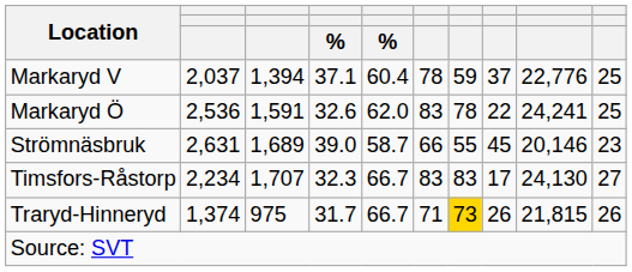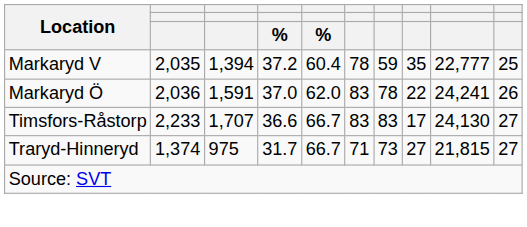 <table role="presentation" class="wikitable sortable mw-collapsible">
 <tr>
 <th rowspan="3">Location</th>
 <th></th>
 <th></th>
 <th></th>
 <th></th>
 <th></th>
 <th></th>
 <th></th>
 <th></th>
 <th></th>
 </tr>
 <tr>
 <th></th>
 <th></th>
 <th style="background:"></th>
 <th style="background:"></th>
 <th></th>
 <th></th>
 <th></th>
 <th></th>
 <th></th>
 </tr>
 <tr>
 <th data-sort-type="number"></th>
 <th data-sort-type="number"></th>
 <th data-sort-type="number">%</th>
 <th data-sort-type="number">%</th>
 <th data-sort-type="number"></th>
 <th data-sort-type="number"></th>
 <th data-sort-type="number"></th>
 <th data-sort-type="number"></th>
 <th data-sort-type="number"></th>
 </tr>
 <tr>
 <td align="left">Markaryd V</td>
-<td>2,037</td>
+<td>2,035</td>
 <td>1,394</td>
-<td>37.1</td>
+<td>37.2</td>
 <td>60.4</td>
 <td>78</td>
 <td>59</td>
-<td>37</td>
-<td>22,776</td>
+<td>35</td>
+<td>22,777</td>
 <td>25</td>
 </tr>
 <tr>
 <td align="left">Markaryd Ö</td>
-<td>2,536</td>
+<td>2,036</td>
 <td>1,591</td>
-<td>32.6</td>
+<td>37.0</td>
 <td>62.0</td>
 <td>83</td>
 <td>78</td>
 <td>22</td>
 <td>24,241</td>
-<td>25</td>
-</tr>
-<tr>
-<td align="left">Strömnäsbruk</td>
-<td>2,631</td>
-<td>1,689</td>
-<td>39.0</td>
-<td>58.7</td>
-<td>66</td>
-<td>55</td>
-<td>45</td>
-<td>20,146</td>
-<td>23</td>
+<td>26</td>
 </tr>
 <tr>
 <td align="left">Timsfors-Råstorp</td>
-<td>2,234</td>
+<td>2,233</td>
 <td>1,707</td>
-<td>32.3</td>
+<td>36.6</td>
 <td>66.7</td>
 <td>83</td>
 <td>83</td>
 <td>17</td>
 <td>24,130</td>
 <td>27</td>
 </tr>
 <tr>
 <td align="left">Traryd-Hinneryd</td>
 <td>1,374</td>
 <td>975</td>
 <td>31.7</td>
 <td>66.7</td>
 <td>71</td>
-<td style="background: gold;">73</td>
-<td>26</td>
+<td>73</td>
+<td>27</td>
 <td>21,815</td>
-<td>26</td>
+<td>27</td>
 </tr>
 <tr>
 <td colspan="10" align="left">Source: <a href='#'>SVT</a></td>
 </tr>
 </table>
